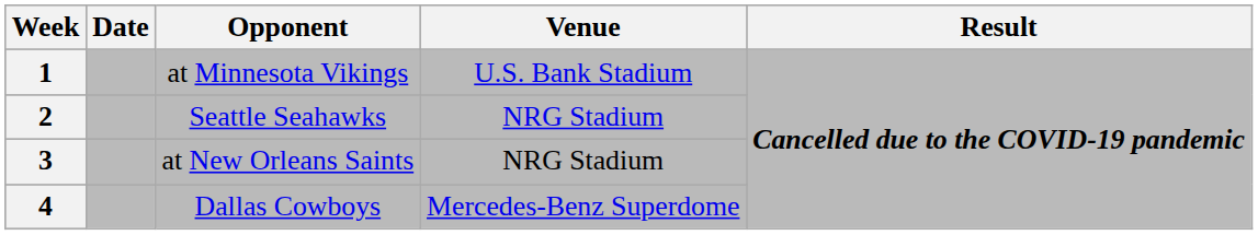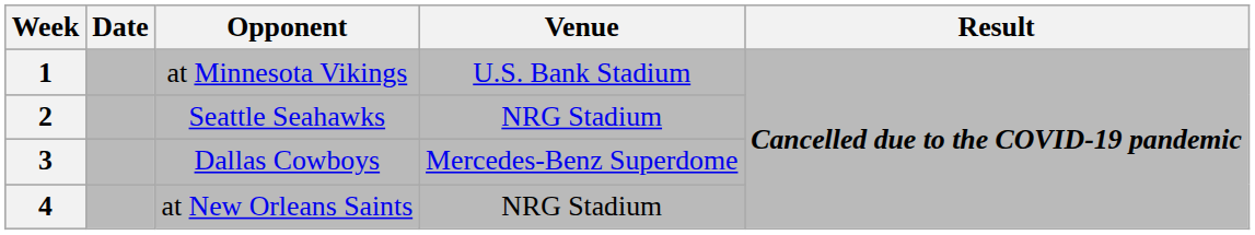 <table class="wikitable" style="text-align:center">
 <tr>
 <th>Week</th>
 <th>Date</th>
 <th>Opponent</th>
 <th>Venue</th>
 <th>Result</th>
 </tr>
 <tr style="background:#bababa">
 <th>1</th>
 <td></td>
 <td>at <a href='#'>Minnesota Vikings</a></td>
 <td><a href='#'>U.S. Bank Stadium</a></td>
 <td rowspan=4><strong><em>Cancelled due to the COVID-19 pandemic</em></strong></td>
 </tr>
 <tr style="background:#bababa">
 <th>2</th>
 <td></td>
 <td><a href='#'>Seattle Seahawks</a></td>
 <td><a href='#'>NRG Stadium</a></td>
 </tr>
 <tr style="background:#bababa">
 <th>3</th>
 <td></td>
-<td>at <a href='#'>New Orleans Saints</a></td>
-<td>NRG Stadium</td>
+<td><a href='#'>Dallas Cowboys</a></td>
+<td><a href='#'>Mercedes-Benz Superdome</a></td>
 </tr>
 <tr style="background:#bababa">
 <th>4</th>
 <td></td>
-<td><a href='#'>Dallas Cowboys</a></td>
-<td><a href='#'>Mercedes-Benz Superdome</a></td>
+<td>at <a href='#'>New Orleans Saints</a></td>
+<td>NRG Stadium</td>
 </tr>
 </table>
